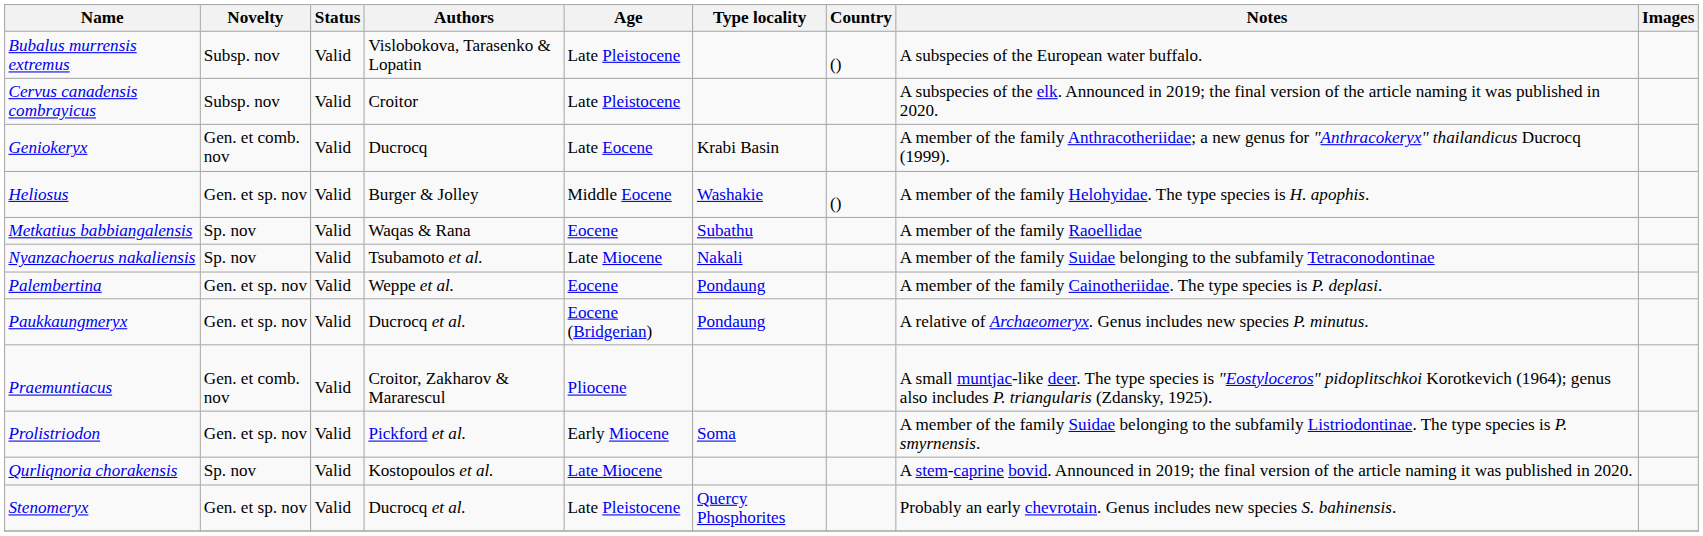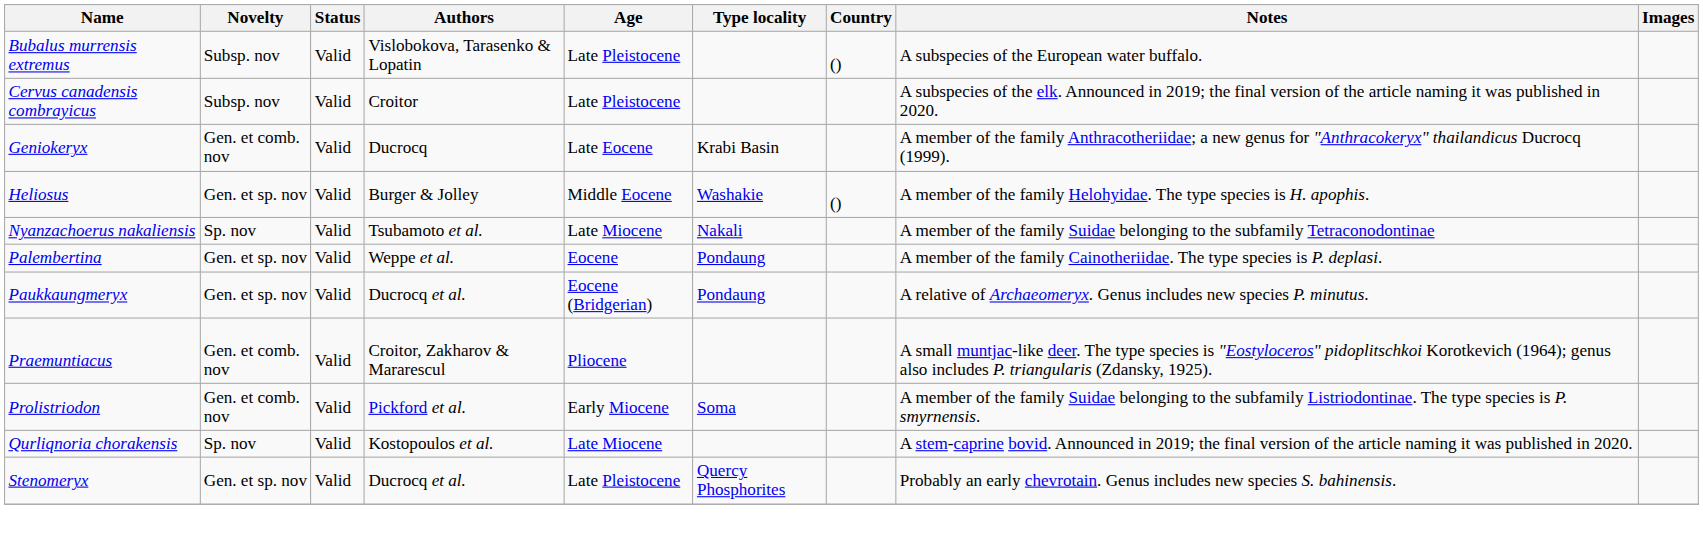 <table class="wikitable sortable" align="center" width="100%">
 <tr>
 <th>Name</th>
 <th>Novelty</th>
 <th>Status</th>
 <th>Authors</th>
 <th>Age</th>
 <th>Type locality</th>
 <th>Country</th>
 <th>Notes</th>
 <th>Images</th>
 </tr>
 <tr>
 <td><em><a href='#'>Bubalus murrensis extremus</a></em></td>
 <td>Subsp. nov</td>
 <td>Valid</td>
 <td>Vislobokova, Tarasenko & Lopatin</td>
 <td>Late <a href='#'>Pleistocene</a></td>
 <td></td>
 <td><br>()</td>
 <td>A subspecies of the European water buffalo.</td>
 <td></td>
 </tr>
 <tr>
 <td><em><a href='#'>Cervus canadensis combrayicus</a></em></td>
 <td>Subsp. nov</td>
 <td>Valid</td>
 <td>Croitor</td>
 <td>Late <a href='#'>Pleistocene</a></td>
 <td></td>
 <td></td>
 <td>A subspecies of the <a href='#'>elk</a>. Announced in 2019; the final version of the article naming it was published in 2020.</td>
 <td></td>
 </tr>
 <tr>
 <td><em><a href='#'>Geniokeryx</a></em></td>
 <td>Gen. et comb. nov</td>
 <td>Valid</td>
 <td>Ducrocq</td>
 <td>Late <a href='#'>Eocene</a></td>
 <td>Krabi Basin</td>
 <td></td>
 <td>A member of the family <a href='#'>Anthracotheriidae</a>; a new genus for <em>"<a href='#'>Anthracokeryx</a>" thailandicus</em> Ducrocq (1999).</td>
 <td></td>
 </tr>
 <tr>
 <td><em><a href='#'>Heliosus</a></em></td>
 <td>Gen. et sp. nov</td>
 <td>Valid</td>
 <td>Burger & Jolley</td>
 <td>Middle <a href='#'>Eocene</a></td>
 <td><a href='#'>Washakie</a></td>
 <td><br>()</td>
 <td>A member of the family <a href='#'>Helohyidae</a>. The type species is <em>H. apophis</em>.</td>
 <td></td>
 </tr>
 <tr>
-<td><em><a href='#'>Metkatius babbiangalensis</a></em></td>
-<td>Sp. nov</td>
-<td>Valid</td>
-<td>Waqas & Rana</td>
-<td><a href='#'>Eocene</a></td>
-<td><a href='#'>Subathu</a></td>
-<td></td>
-<td>A member of the family <a href='#'>Raoellidae</a></td>
-<td></td>
-</tr>
-<tr>
 <td><em><a href='#'>Nyanzachoerus nakaliensis</a></em></td>
 <td>Sp. nov</td>
 <td>Valid</td>
 <td>Tsubamoto <em>et al.</em></td>
 <td>Late <a href='#'>Miocene</a></td>
 <td><a href='#'>Nakali</a></td>
 <td></td>
 <td>A member of the family <a href='#'>Suidae</a> belonging to the subfamily <a href='#'>Tetraconodontinae</a></td>
 <td></td>
 </tr>
 <tr>
 <td><em><a href='#'>Palembertina</a></em></td>
 <td>Gen. et sp. nov</td>
 <td>Valid</td>
 <td>Weppe <em>et al.</em></td>
 <td><a href='#'>Eocene</a></td>
 <td><a href='#'>Pondaung</a></td>
 <td></td>
 <td>A member of the family <a href='#'>Cainotheriidae</a>. The type species is <em>P. deplasi</em>.</td>
 <td></td>
 </tr>
 <tr>
 <td><em><a href='#'>Paukkaungmeryx</a></em></td>
 <td>Gen. et sp. nov</td>
 <td>Valid</td>
 <td>Ducrocq <em>et al.</em></td>
 <td><a href='#'>Eocene</a> (<a href='#'>Bridgerian</a>)</td>
 <td><a href='#'>Pondaung</a></td>
 <td></td>
 <td>A relative of <em><a href='#'>Archaeomeryx</a></em>. Genus includes new species <em>P. minutus</em>.</td>
 <td></td>
 </tr>
 <tr>
 <td><br><em><a href='#'>Praemuntiacus</a></em></td>
 <td><br>Gen. et comb. nov</td>
 <td><br>Valid</td>
 <td><br>Croitor, Zakharov & Mararescul</td>
 <td><br><a href='#'>Pliocene</a></td>
 <td></td>
 <td><br><br> <br> </td>
 <td><br>A small <a href='#'>muntjac</a>-like <a href='#'>deer</a>. The type species is <em>"<a href='#'>Eostyloceros</a>" pidoplitschkoi</em> Korotkevich (1964); genus also includes <em>P. triangularis</em> (Zdansky, 1925).</td>
 <td></td>
 </tr>
 <tr>
 <td><em><a href='#'>Prolistriodon</a></em></td>
-<td>Gen. et sp. nov</td>
+<td>Gen. et comb. nov</td>
 <td>Valid</td>
 <td><a href='#'>Pickford</a> <em>et al.</em></td>
 <td>Early <a href='#'>Miocene</a></td>
 <td><a href='#'>Soma</a></td>
 <td></td>
 <td>A member of the family <a href='#'>Suidae</a> belonging to the subfamily <a href='#'>Listriodontinae</a>. The type species is <em>P. smyrnensis</em>.</td>
 <td></td>
 </tr>
 <tr>
 <td><em><a href='#'>Qurliqnoria chorakensis</a></em></td>
 <td>Sp. nov</td>
 <td>Valid</td>
 <td>Kostopoulos <em>et al.</em></td>
 <td><a href='#'>Late Miocene</a></td>
 <td></td>
 <td></td>
 <td>A <a href='#'>stem</a>-<a href='#'>caprine</a> <a href='#'>bovid</a>. Announced in 2019; the final version of the article naming it was published in 2020.</td>
 <td></td>
 </tr>
 <tr>
 <td><em><a href='#'>Stenomeryx</a></em></td>
 <td>Gen. et sp. nov</td>
 <td>Valid</td>
 <td>Ducrocq <em>et al.</em></td>
 <td>Late <a href='#'>Pleistocene</a></td>
 <td><a href='#'>Quercy Phosphorites</a></td>
 <td></td>
 <td>Probably an early <a href='#'>chevrotain</a>. Genus includes new species <em>S. bahinensis</em>.</td>
 <td></td>
 </tr>
 <tr>
 </tr>
 </table>
